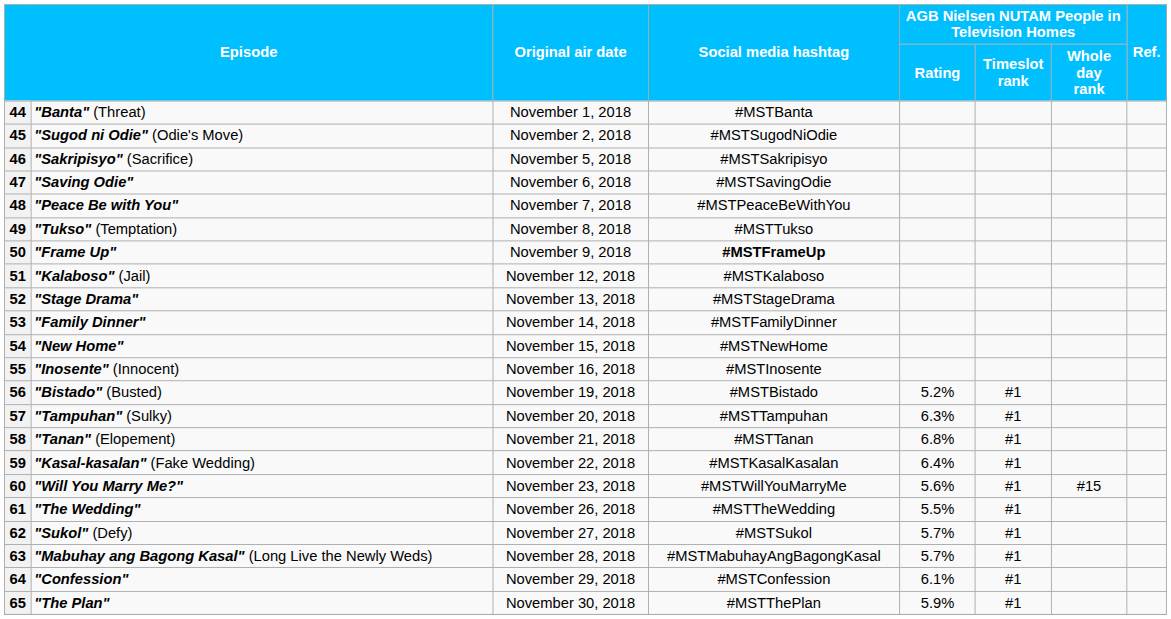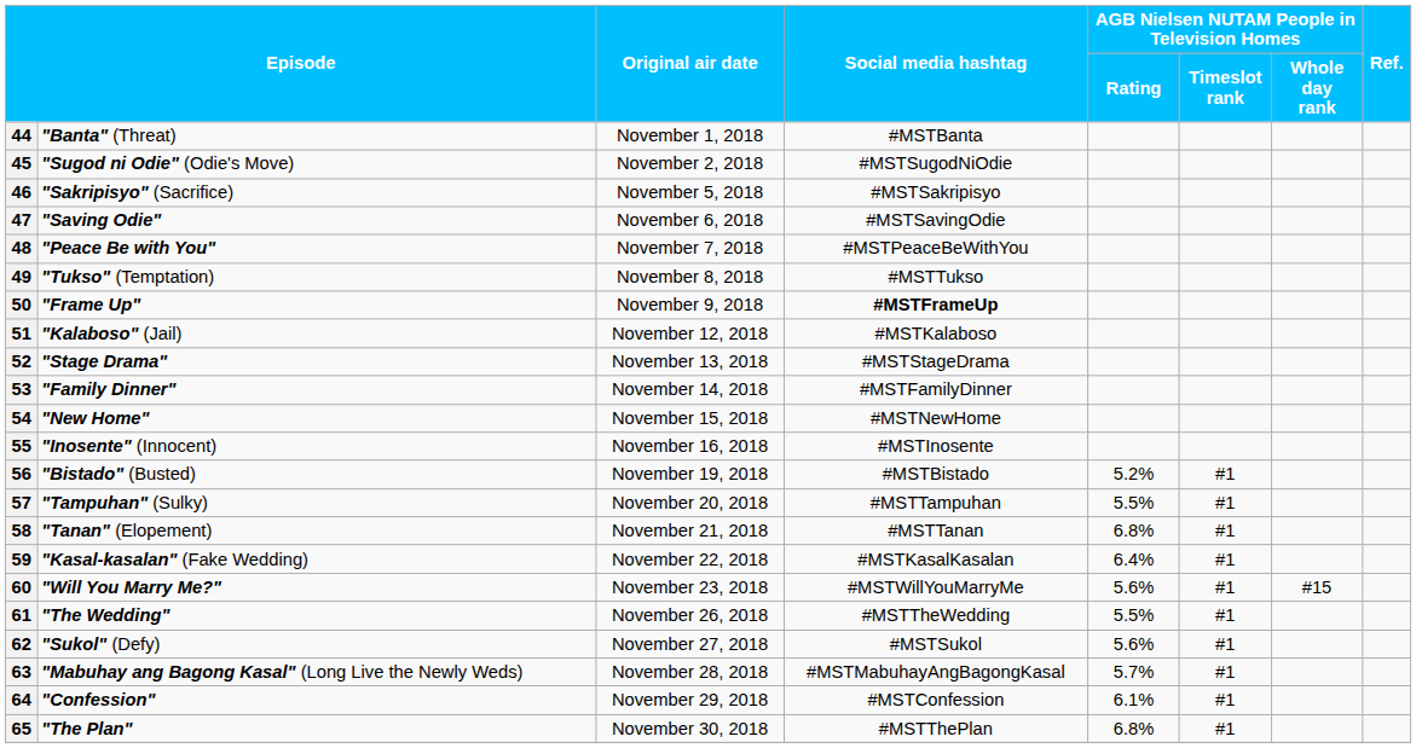 <table class="wikitable" style="text-align:center; font-size:100%; line-height:18px;" width="100%">
 <tr>
 <th style="background-color:#00BFFF; color:#ffffff;" colspan="2" rowspan="2">Episode</th>
 <th style="background-color:#00BFFF; color:white" rowspan="2">Original air date</th>
 <th style="background-color:#00BFFF; color:white" rowspan="2">Social media hashtag</th>
 <th style="background-color:#00BFFF; color:#ffffff;" colspan="3">AGB Nielsen NUTAM People in Television Homes</th>
 <th style="background-color:#00BFFF;  color:#ffffff;" rowspan="2">Ref.</th>
 </tr>
 <tr>
 <th style="background-color:#00BFFF; width:75px; color:#ffffff;">Rating</th>
 <th style="background-color:#00BFFF;  width:75px; color:#ffffff;">Timeslot<br>rank</th>
 <th style="background-color:#00BFFF; width:75px; color:#ffffff;">Whole day<br>rank</th>
 </tr>
 <tr>
 <th>44</th>
 <td style="text-align: left;"><strong><em>"Banta"</em></strong> (Threat)</td>
 <td>November 1, 2018</td>
 <td>#MSTBanta</td>
 <td></td>
 <td></td>
 <td></td>
 <td></td>
 </tr>
 <tr>
 <th>45</th>
 <td style="text-align: left;"><strong><em>"Sugod ni Odie"</em></strong> (Odie's Move)</td>
 <td>November 2, 2018</td>
 <td>#MSTSugodNiOdie</td>
 <td></td>
 <td></td>
 <td></td>
 <td></td>
 </tr>
 <tr>
 <th>46</th>
 <td style="text-align: left;"><strong><em>"Sakripisyo"</em></strong> (Sacrifice)</td>
 <td>November 5, 2018</td>
 <td>#MSTSakripisyo</td>
 <td></td>
 <td></td>
 <td></td>
 <td></td>
 </tr>
 <tr>
 <th>47</th>
 <td style="text-align: left;"><strong><em>"Saving Odie"</em></strong></td>
 <td>November 6, 2018</td>
 <td>#MSTSavingOdie</td>
 <td></td>
 <td></td>
 <td></td>
 <td></td>
 </tr>
 <tr>
 <th>48</th>
 <td style="text-align: left;"><strong><em>"Peace Be with You"</em></strong></td>
 <td>November 7, 2018</td>
 <td>#MSTPeaceBeWithYou</td>
 <td></td>
 <td></td>
 <td></td>
 <td></td>
 </tr>
 <tr>
 <th>49</th>
 <td style="text-align: left;"><strong><em>"Tukso"</em></strong> (Temptation)</td>
 <td>November 8, 2018</td>
 <td>#MSTTukso</td>
 <td></td>
 <td></td>
 <td></td>
 <td></td>
 </tr>
 <tr>
 <th>50</th>
 <td style="text-align: left;"><strong><em>"Frame Up"</em></strong></td>
 <td>November 9, 2018</td>
 <td><strong>#MSTFrameUp</strong></td>
 <td></td>
 <td></td>
 <td></td>
 <td></td>
 </tr>
 <tr>
 <th>51</th>
 <td style="text-align: left;"><strong><em>"Kalaboso"</em></strong> (Jail)</td>
 <td>November 12, 2018</td>
 <td>#MSTKalaboso</td>
 <td></td>
 <td></td>
 <td></td>
 <td></td>
 </tr>
 <tr>
 <th>52</th>
 <td style="text-align: left;"><strong><em>"Stage Drama"</em></strong></td>
 <td>November 13, 2018</td>
 <td>#MSTStageDrama</td>
 <td></td>
 <td></td>
 <td></td>
 <td></td>
 </tr>
 <tr>
 <th>53</th>
 <td style="text-align: left;"><strong><em>"Family Dinner"</em></strong></td>
 <td>November 14, 2018</td>
 <td>#MSTFamilyDinner</td>
 <td></td>
 <td></td>
 <td></td>
 <td></td>
 </tr>
 <tr>
 <th>54</th>
 <td style="text-align: left;"><strong><em>"New Home"</em></strong></td>
 <td>November 15, 2018</td>
 <td>#MSTNewHome</td>
 <td></td>
 <td></td>
 <td></td>
 <td></td>
 </tr>
 <tr>
 <th>55</th>
 <td style="text-align: left;"><strong><em>"Inosente"</em></strong> (Innocent)</td>
 <td>November 16, 2018</td>
 <td>#MSTInosente</td>
 <td></td>
 <td></td>
 <td></td>
 <td></td>
 </tr>
 <tr>
 <th>56</th>
 <td style="text-align: left;"><strong><em>"Bistado"</em></strong> (Busted)</td>
 <td>November 19, 2018</td>
 <td>#MSTBistado</td>
 <td>5.2%</td>
 <td>#1</td>
 <td></td>
 <td></td>
 </tr>
 <tr>
 <th>57</th>
 <td style="text-align: left;"><strong><em>"Tampuhan"</em></strong> (Sulky)</td>
 <td>November 20, 2018</td>
 <td>#MSTTampuhan</td>
-<td>6.3%</td>
+<td>5.5%</td>
 <td>#1</td>
 <td></td>
 <td></td>
 </tr>
 <tr>
 <th>58</th>
 <td style="text-align: left;"><strong><em>"Tanan"</em></strong> (Elopement)</td>
 <td>November 21, 2018</td>
 <td>#MSTTanan</td>
 <td>6.8%</td>
 <td>#1</td>
 <td></td>
 <td></td>
 </tr>
 <tr>
 <th>59</th>
 <td style="text-align: left;"><strong><em>"Kasal-kasalan"</em></strong> (Fake Wedding)</td>
 <td>November 22, 2018</td>
 <td>#MSTKasalKasalan</td>
 <td>6.4%</td>
 <td>#1</td>
 <td></td>
 <td></td>
 </tr>
 <tr>
 <th>60</th>
 <td style="text-align: left;"><strong><em>"Will You Marry Me?"</em></strong></td>
 <td>November 23, 2018</td>
 <td>#MSTWillYouMarryMe</td>
 <td>5.6%</td>
 <td>#1</td>
 <td>#15</td>
 <td></td>
 </tr>
 <tr>
 <th>61</th>
 <td style="text-align: left;"><strong><em>"The Wedding"</em></strong></td>
 <td>November 26, 2018</td>
 <td>#MSTTheWedding</td>
 <td>5.5%</td>
 <td>#1</td>
 <td></td>
 <td></td>
 </tr>
 <tr>
 <th>62</th>
 <td style="text-align: left;"><strong><em>"Sukol"</em></strong> (Defy)</td>
 <td>November 27, 2018</td>
 <td>#MSTSukol</td>
-<td>5.7%</td>
+<td>5.6%</td>
 <td>#1</td>
 <td></td>
 <td></td>
 </tr>
 <tr>
 <th>63</th>
 <td style="text-align: left;"><strong><em>"Mabuhay ang Bagong Kasal"</em></strong> (Long Live the Newly Weds)</td>
 <td>November 28, 2018</td>
 <td>#MSTMabuhayAngBagongKasal</td>
 <td>5.7%</td>
 <td>#1</td>
 <td></td>
 <td></td>
 </tr>
 <tr>
 <th>64</th>
 <td style="text-align: left;"><strong><em>"Confession"</em></strong></td>
 <td>November 29, 2018</td>
 <td>#MSTConfession</td>
 <td>6.1%</td>
 <td>#1</td>
 <td></td>
 <td></td>
 </tr>
 <tr>
 <th>65</th>
 <td style="text-align: left;"><strong><em>"The Plan"</em></strong></td>
 <td>November 30, 2018</td>
 <td>#MSTThePlan</td>
-<td>5.9%</td>
+<td>6.8%</td>
 <td>#1</td>
 <td></td>
 <td></td>
 </tr>
 <tr>
 </tr>
 </table>
